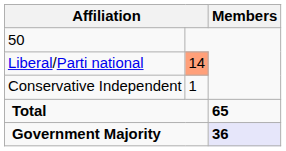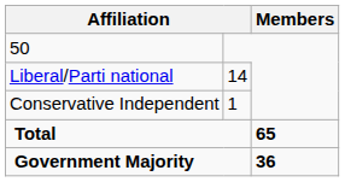 <table class="wikitable">
 <tr>
 <th colspan="2">Affiliation</th>
 <th>Members</th>
 </tr>
 <tr>
 <td>50</td>
 </tr>
 <tr>
 <td align=left><a href='#'>Liberal</a>/<a href='#'>Parti national</a></td>
-<td style="background: lightsalmon;">14</td>
+<td>14</td>
 </tr>
 <tr>
 <td align=left>Conservative Independent</td>
 <td>1</td>
 </tr>
 <tr>
 <td colspan="2" style="text-align:left;"> <strong>Total</strong><br></td>
 <td><strong>65</strong></td>
 </tr>
 <tr>
 <td colspan="2" style="text-align:left;"> <strong>Government Majority</strong><br></td>
-<td style="background: lavender;"><strong>36</strong></td>
+<td><strong>36</strong></td>
 </tr>
 </table>
